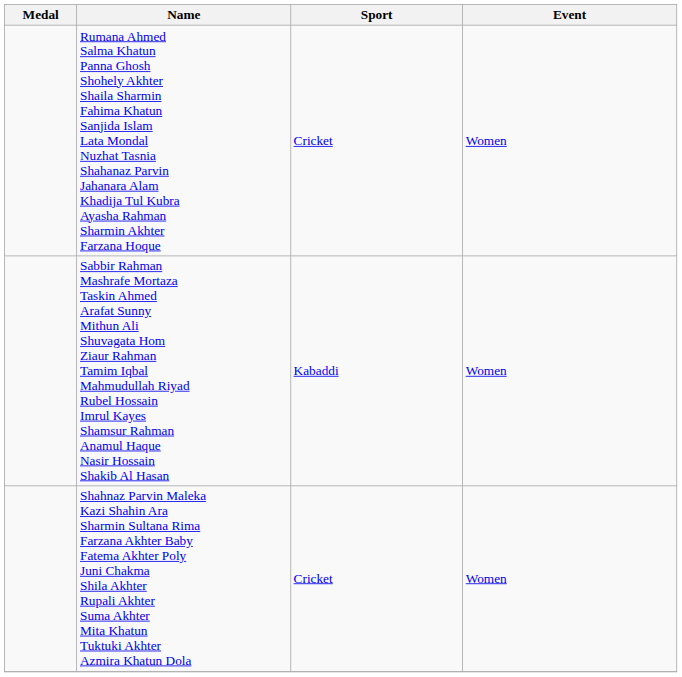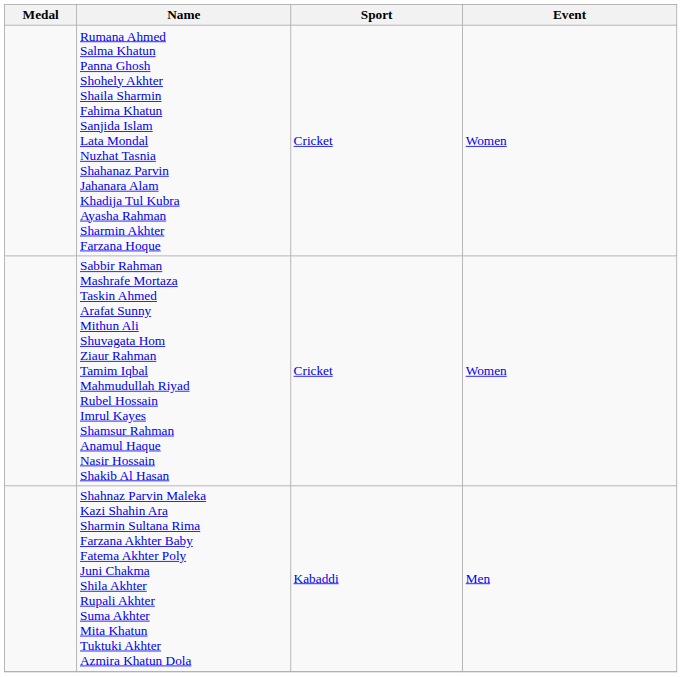 <table class="wikitable sortable" style="font-size:100%">
 <tr>
 <th width="80">Medal</th>
 <th width="250">Name</th>
 <th width="200">Sport</th>
 <th width="250">Event</th>
 </tr>
 <tr>
 <td></td>
 <td><a href='#'>Rumana Ahmed</a><br><a href='#'>Salma Khatun</a><br><a href='#'>Panna Ghosh</a><br><a href='#'>Shohely Akhter</a><br><a href='#'>Shaila Sharmin</a><br><a href='#'>Fahima Khatun</a><br><a href='#'>Sanjida Islam</a><br><a href='#'>Lata Mondal</a><br><a href='#'>Nuzhat Tasnia</a><br><a href='#'>Shahanaz Parvin</a><br><a href='#'>Jahanara Alam</a><br><a href='#'>Khadija Tul Kubra</a><br><a href='#'>Ayasha Rahman</a><br><a href='#'>Sharmin Akhter</a><br><a href='#'>Farzana Hoque</a></td>
 <td><a href='#'>Cricket</a></td>
 <td><a href='#'>Women</a></td>
 </tr>
 <tr>
 <td></td>
 <td><a href='#'>Sabbir Rahman</a><br><a href='#'>Mashrafe Mortaza</a><br><a href='#'>Taskin Ahmed</a><br><a href='#'>Arafat Sunny</a><br><a href='#'>Mithun Ali</a><br><a href='#'>Shuvagata Hom</a><br><a href='#'>Ziaur Rahman</a><br><a href='#'>Tamim Iqbal</a><br><a href='#'>Mahmudullah Riyad</a><br><a href='#'>Rubel Hossain</a><br><a href='#'>Imrul Kayes</a><br><a href='#'>Shamsur Rahman</a><br><a href='#'>Anamul Haque</a><br><a href='#'>Nasir Hossain</a><br><a href='#'>Shakib Al Hasan</a></td>
-<td><a href='#'>Kabaddi</a></td>
+<td><a href='#'>Cricket</a></td>
 <td><a href='#'>Women</a></td>
 </tr>
 <tr>
 <td></td>
 <td><a href='#'>Shahnaz Parvin Maleka</a><br><a href='#'>Kazi Shahin Ara</a><br><a href='#'>Sharmin Sultana Rima</a><br><a href='#'>Farzana Akhter Baby</a><br><a href='#'>Fatema Akhter Poly</a><br><a href='#'>Juni Chakma</a><br><a href='#'>Shila Akhter</a><br><a href='#'>Rupali Akhter</a><br><a href='#'>Suma Akhter</a><br><a href='#'>Mita Khatun</a><br><a href='#'>Tuktuki Akhter</a><br><a href='#'>Azmira Khatun Dola</a></td>
-<td><a href='#'>Cricket</a></td>
-<td><a href='#'>Women</a></td>
+<td><a href='#'>Kabaddi</a></td>
+<td><a href='#'>Men</a></td>
 </tr>
 <tr>
 </tr>
 </table>
